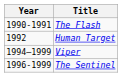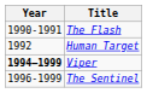 <table class="wikitable sortable">
 <tr>
 <th>Year</th>
 <th>Title</th>
 </tr>
 <tr>
 <td>1990-1991</td>
 <td><em><a href='#'>The Flash</a></em></td>
 </tr>
 <tr>
 <td>1992</td>
 <td><em><a href='#'>Human Target</a></em></td>
 </tr>
 <tr>
-<td>1994–1999</td>
+<td><strong>1994–1999</strong></td>
 <td><em><a href='#'>Viper</a></em></td>
 </tr>
 <tr>
 <td>1996-1999</td>
 <td><em><a href='#'>The Sentinel</a></em></td>
 </tr>
 </table>
